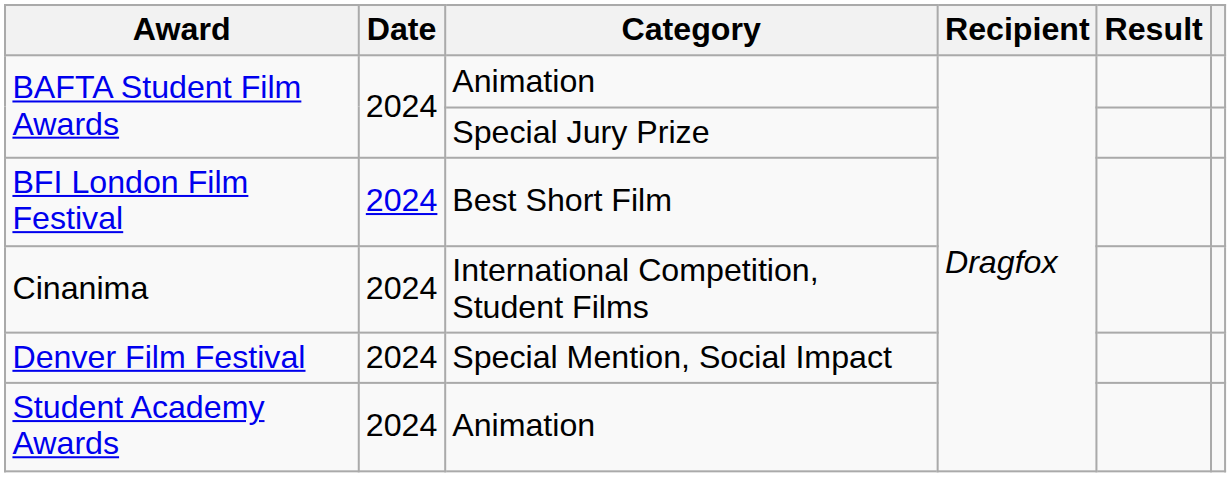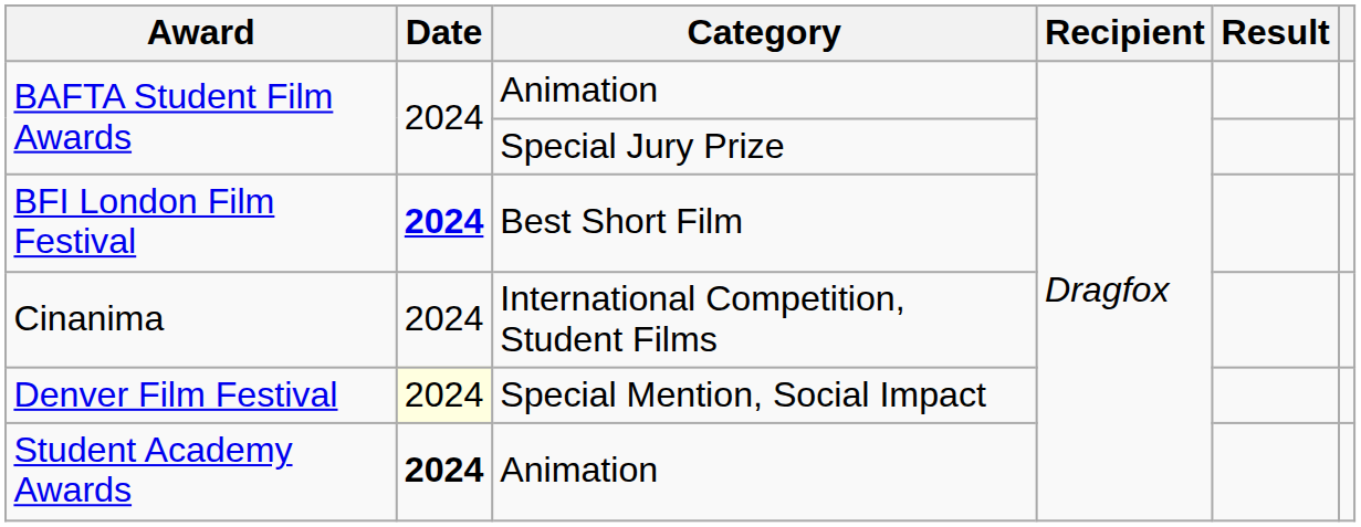 <table class="wikitable sortable plainrowheaders">
 <tr>
 <th>Award</th>
 <th>Date</th>
 <th>Category</th>
 <th>Recipient</th>
 <th>Result</th>
 <th></th>
 </tr>
 <tr>
 <td rowspan=2><a href='#'>BAFTA Student Film Awards</a></td>
 <td rowspan=2>2024</td>
 <td>Animation</td>
 <td rowspan=6><em>Dragfox</em></td>
 <td></td>
 <td></td>
 </tr>
 <tr>
 <td>Special Jury Prize</td>
 <td></td>
 <td></td>
 </tr>
 <tr>
 <td><a href='#'>BFI London Film Festival</a></td>
-<td><a href='#'>2024</a></td>
+<td><strong><a href='#'>2024</a></strong></td>
 <td>Best Short Film</td>
 <td></td>
 <td></td>
 </tr>
 <tr>
 <td>Cinanima</td>
 <td>2024</td>
 <td>International Competition, Student Films</td>
 <td></td>
 <td></td>
 </tr>
 <tr>
 <td><a href='#'>Denver Film Festival</a></td>
-<td>2024</td>
+<td style="background: lightyellow;">2024</td>
 <td>Special Mention, Social Impact</td>
 <td></td>
 <td></td>
 </tr>
 <tr>
 <td><a href='#'>Student Academy Awards</a></td>
-<td>2024</td>
+<td><strong>2024</strong></td>
 <td>Animation</td>
 <td></td>
 <td></td>
 </tr>
 </table>
